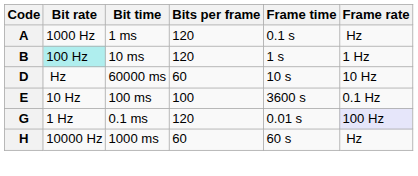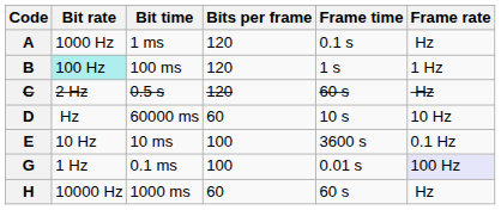 <table class="wikitable sortable">
 <tr>
 <th>Code</th>
 <th>Bit rate</th>
 <th>Bit time</th>
 <th>Bits per frame</th>
 <th>Frame time</th>
 <th>Frame rate</th>
 </tr>
 <tr>
 <th>A</th>
 <td>1000 Hz</td>
 <td>1 ms</td>
 <td>120</td>
 <td>0.1 s</td>
 <td> Hz</td>
 </tr>
 <tr>
 <th>B</th>
 <td style="background: paleturquoise;">100 Hz</td>
-<td>10 ms</td>
+<td>100 ms</td>
 <td>120</td>
 <td>1 s</td>
 <td>1 Hz</td>
+</tr>
+<tr style="text-decoration:line-through">
+<th>C</th>
+<td>2 Hz</td>
+<td>0.5 s</td>
+<td>120</td>
+<td>60 s</td>
+<td> Hz</td>
 </tr>
 <tr>
 <th>D</th>
 <td> Hz</td>
 <td>60000 ms</td>
 <td>60</td>
 <td>10 s</td>
 <td>10 Hz</td>
 </tr>
 <tr>
 <th>E</th>
 <td>10 Hz</td>
-<td>100 ms</td>
+<td>10 ms</td>
 <td>100</td>
 <td>3600 s</td>
 <td>0.1 Hz</td>
 </tr>
 <tr>
 <th>G</th>
 <td>1 Hz</td>
 <td>0.1 ms</td>
-<td>120</td>
+<td>100</td>
 <td>0.01 s</td>
 <td style="background: lavender;">100 Hz</td>
 </tr>
 <tr>
 <th>H</th>
 <td>10000 Hz</td>
 <td>1000 ms</td>
 <td>60</td>
 <td>60 s</td>
 <td> Hz</td>
 </tr>
 </table>
